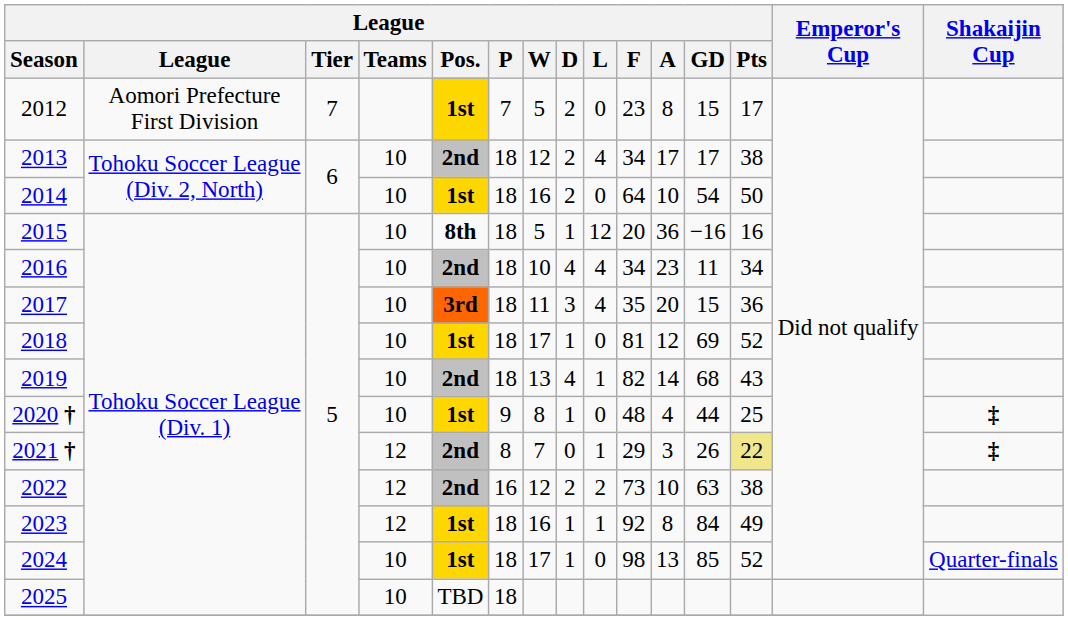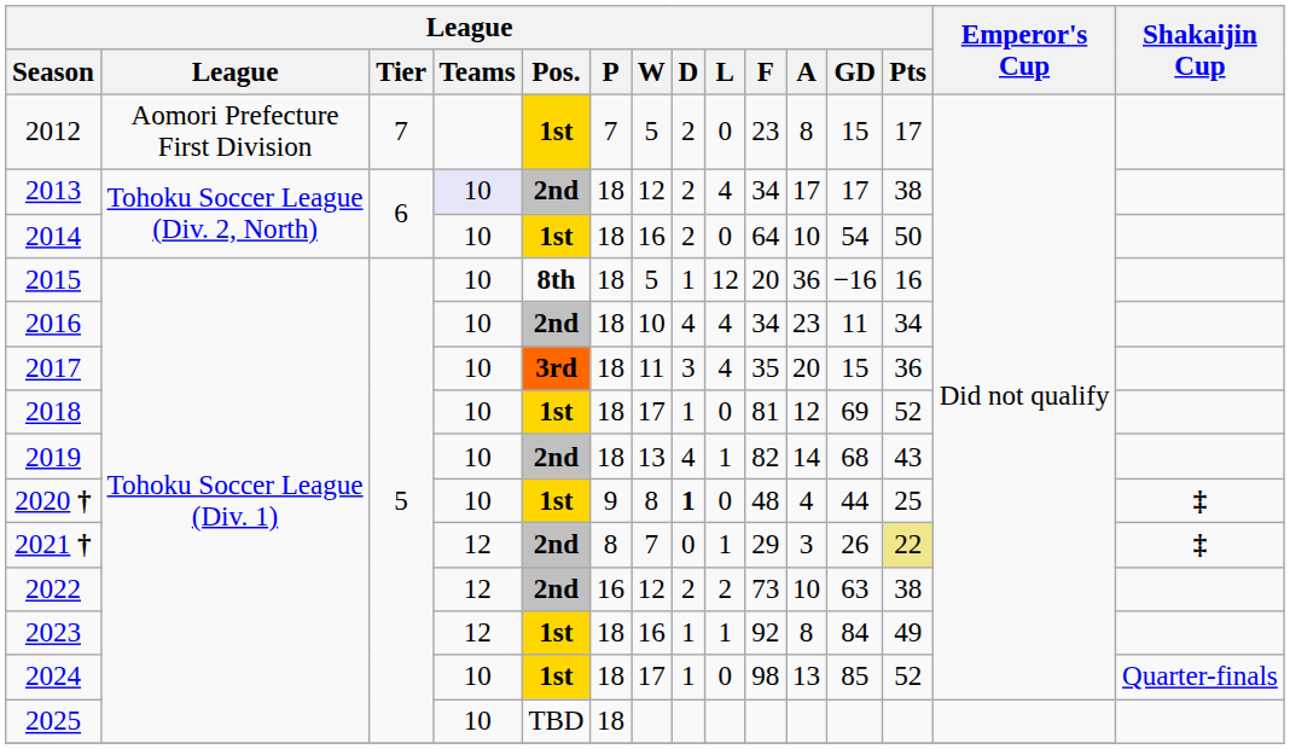 <table class="wikitable" style="text-align: center;">
 <tr>
 <th colspan="13">League</th>
 <th rowspan="2"><a href='#'>Emperor's<br>Cup</a></th>
 <th rowspan="2"><a href='#'>Shakaijin <br> Cup</a></th>
 </tr>
 <tr>
 <th>Season</th>
 <th>League</th>
 <th>Tier</th>
 <th>Teams</th>
 <th>Pos.</th>
 <th>P</th>
 <th>W</th>
 <th>D</th>
 <th>L</th>
 <th>F</th>
 <th>A</th>
 <th>GD</th>
 <th>Pts</th>
 </tr>
 <tr>
 <td>2012</td>
 <td>Aomori Prefecture<br>First Division</td>
 <td>7</td>
 <td></td>
 <td bgcolor=gold><strong>1st</strong></td>
 <td>7</td>
 <td>5</td>
 <td>2</td>
 <td>0</td>
 <td>23</td>
 <td>8</td>
 <td>15</td>
 <td>17</td>
 <td rowspan="13">Did not qualify</td>
 <td></td>
 </tr>
 <tr>
 <td><a href='#'>2013</a></td>
 <td rowspan="2"><a href='#'>Tohoku Soccer League<br>(Div. 2, North)</a></td>
 <td rowspan="2">6</td>
-<td>10</td>
+<td style="background: lavender;">10</td>
 <td bgcolor=silver><strong>2nd</strong></td>
 <td>18</td>
 <td>12</td>
 <td>2</td>
 <td>4</td>
 <td>34</td>
 <td>17</td>
 <td>17</td>
 <td>38</td>
 <td></td>
 </tr>
 <tr>
 <td><a href='#'>2014</a></td>
 <td>10</td>
 <td bgcolor="gold"><strong>1st</strong></td>
 <td>18</td>
 <td>16</td>
 <td>2</td>
 <td>0</td>
 <td>64</td>
 <td>10</td>
 <td>54</td>
 <td>50</td>
 <td></td>
 </tr>
 <tr>
 <td><a href='#'>2015</a></td>
 <td rowspan="11"><a href='#'>Tohoku Soccer League<br>(Div. 1)</a></td>
 <td rowspan="11">5</td>
 <td>10</td>
 <td><strong>8th</strong></td>
 <td>18</td>
 <td>5</td>
 <td>1</td>
 <td>12</td>
 <td>20</td>
 <td>36</td>
 <td>−16</td>
 <td>16</td>
 <td></td>
 </tr>
 <tr>
 <td><a href='#'>2016</a></td>
 <td>10</td>
 <td bgcolor=silver><strong>2nd</strong></td>
 <td>18</td>
 <td>10</td>
 <td>4</td>
 <td>4</td>
 <td>34</td>
 <td>23</td>
 <td>11</td>
 <td>34</td>
 <td></td>
 </tr>
 <tr>
 <td><a href='#'>2017</a></td>
 <td>10</td>
 <td bgcolor=ff6600><strong>3rd</strong></td>
 <td>18</td>
 <td>11</td>
 <td>3</td>
 <td>4</td>
 <td>35</td>
 <td>20</td>
 <td>15</td>
 <td>36</td>
 <td></td>
 </tr>
 <tr>
 <td><a href='#'>2018</a></td>
 <td>10</td>
 <td bgcolor=gold><strong>1st</strong></td>
 <td>18</td>
 <td>17</td>
 <td>1</td>
 <td>0</td>
 <td>81</td>
 <td>12</td>
 <td>69</td>
 <td>52</td>
 <td></td>
 </tr>
 <tr>
 <td><a href='#'>2019</a></td>
 <td>10</td>
 <td bgcolor=silver><strong>2nd</strong></td>
 <td>18</td>
 <td>13</td>
 <td>4</td>
 <td>1</td>
 <td>82</td>
 <td>14</td>
 <td>68</td>
 <td>43</td>
 <td></td>
 </tr>
 <tr>
 <td><a href='#'>2020</a> <strong>†</strong></td>
 <td>10</td>
 <td bgcolor=gold><strong>1st</strong></td>
 <td>9</td>
 <td>8</td>
-<td>1</td>
+<td><strong>1</strong></td>
 <td>0</td>
 <td>48</td>
 <td>4</td>
 <td>44</td>
 <td>25</td>
 <td><strong>‡</strong></td>
 </tr>
 <tr>
 <td><a href='#'>2021</a> <strong>†</strong></td>
 <td>12</td>
 <td bgcolor=silver><strong>2nd</strong></td>
 <td>8</td>
 <td>7</td>
 <td>0</td>
 <td>1</td>
 <td>29</td>
 <td>3</td>
 <td>26</td>
 <td style="background: khaki;">22</td>
 <td><strong>‡</strong></td>
 </tr>
 <tr>
 <td><a href='#'>2022</a></td>
 <td>12</td>
 <td bgcolor=silver><strong>2nd</strong></td>
 <td>16</td>
 <td>12</td>
 <td>2</td>
 <td>2</td>
 <td>73</td>
 <td>10</td>
 <td>63</td>
 <td>38</td>
 <td></td>
 </tr>
 <tr>
 <td><a href='#'>2023</a></td>
 <td>12</td>
 <td bgcolor=gold><strong>1st</strong></td>
 <td>18</td>
 <td>16</td>
 <td>1</td>
 <td>1</td>
 <td>92</td>
 <td>8</td>
 <td>84</td>
 <td>49</td>
 <td></td>
 </tr>
 <tr>
 <td><a href='#'>2024</a></td>
 <td>10</td>
 <td bgcolor=gold><strong>1st</strong></td>
 <td>18</td>
 <td>17</td>
 <td>1</td>
 <td>0</td>
 <td>98</td>
 <td>13</td>
 <td>85</td>
 <td>52</td>
 <td><a href='#'>Quarter-finals</a></td>
 </tr>
 <tr>
 <td><a href='#'>2025</a></td>
 <td>10</td>
 <td>TBD</td>
 <td>18</td>
 <td></td>
 <td></td>
 <td></td>
 <td></td>
 <td></td>
 <td></td>
 <td></td>
 <td></td>
 </tr>
 <tr>
 </tr>
 </table>
